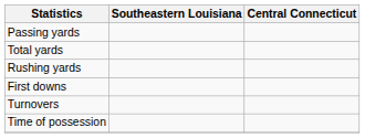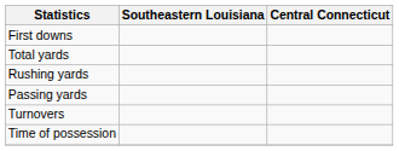 <table class="wikitable">
 <tr>
 <th>Statistics</th>
 <th>Southeastern Louisiana</th>
 <th>Central Connecticut</th>
 </tr>
 <tr>
-<td>Passing yards</td>
+<td>First downs</td>
 <td> </td>
 <td> </td>
 </tr>
 <tr>
 <td>Total yards</td>
 <td> </td>
 <td> </td>
 </tr>
 <tr>
 <td>Rushing yards</td>
 <td> </td>
 <td> </td>
 </tr>
 <tr>
-<td>First downs</td>
+<td>Passing yards</td>
 <td> </td>
 <td> </td>
 </tr>
 <tr>
 <td>Turnovers</td>
 <td> </td>
 <td> </td>
 </tr>
 <tr>
 <td>Time of possession</td>
 <td> </td>
 <td> </td>
 </tr>
 <tr>
 </tr>
 </table>
